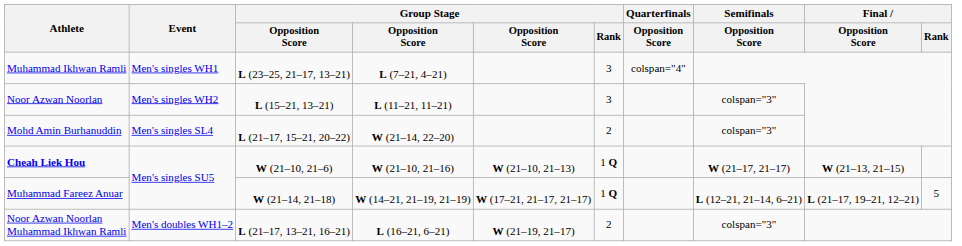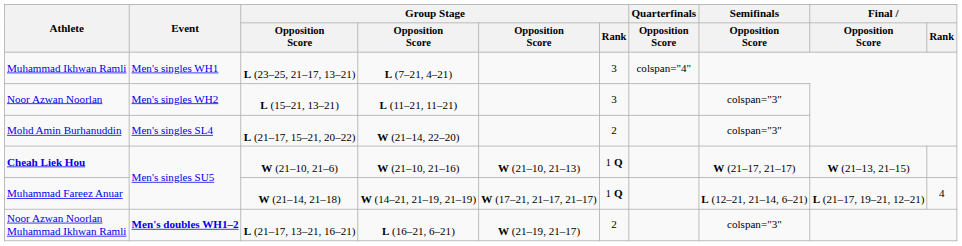 <table class="wikitable" style="font-size:90%; text-align:center">
 <tr>
 <th rowspan="2">Athlete</th>
 <th rowspan="2">Event</th>
 <th colspan="4">Group Stage</th>
 <th>Quarterfinals</th>
 <th>Semifinals</th>
 <th colspan="2">Final / </th>
 </tr>
 <tr style="font-size:95%">
 <th>Opposition<br>Score</th>
 <th>Opposition<br>Score</th>
 <th>Opposition<br>Score</th>
 <th>Rank</th>
 <th>Opposition<br>Score</th>
 <th>Opposition<br>Score</th>
 <th>Opposition<br>Score</th>
 <th>Rank</th>
 </tr>
 <tr>
 <td align="left"><a href='#'>Muhammad Ikhwan Ramli</a></td>
 <td align="left"><a href='#'>Men's singles WH1</a></td>
 <td><br><strong>L</strong> (23–25, 21–17, 13–21)</td>
 <td><br><strong>L</strong> (7–21, 4–21)</td>
 <td></td>
 <td>3</td>
 <td>colspan="4" </td>
 </tr>
 <tr>
 <td align="left"><a href='#'>Noor Azwan Noorlan</a></td>
 <td align="left"><a href='#'>Men's singles WH2</a></td>
 <td><br><strong>L</strong> (15–21, 13–21)</td>
 <td><br><strong>L</strong> (11–21, 11–21)</td>
 <td></td>
 <td>3</td>
 <td></td>
 <td>colspan="3" </td>
 </tr>
 <tr>
 <td align="left"><a href='#'>Mohd Amin Burhanuddin</a></td>
 <td align="left"><a href='#'>Men's singles SL4</a></td>
 <td><br><strong>L</strong> (21–17, 15–21, 20–22)</td>
 <td><br><strong>W</strong> (21–14, 22–20)</td>
 <td></td>
 <td>2</td>
 <td></td>
 <td>colspan="3" </td>
 </tr>
 <tr>
 <td align="left"><strong><a href='#'>Cheah Liek Hou</a></strong></td>
 <td align="left" rowspan="2"><a href='#'>Men's singles SU5</a></td>
 <td><br><strong>W</strong> (21–10, 21–6)</td>
 <td><br><strong>W</strong> (21–10, 21–16)</td>
 <td><br><strong>W</strong> (21–10, 21–13)</td>
 <td>1 <strong>Q</strong></td>
 <td></td>
 <td><br><strong>W</strong> (21–17, 21–17)</td>
 <td><br><strong>W</strong> (21–13, 21–15)</td>
 <td></td>
 </tr>
 <tr>
 <td align="left"><a href='#'>Muhammad Fareez Anuar</a></td>
 <td><br><strong>W</strong> (21–14, 21–18)</td>
 <td><br><strong>W</strong> (14–21, 21–19, 21–19)</td>
 <td><br><strong>W</strong> (17–21, 21–17, 21–17)</td>
 <td>1 <strong>Q</strong></td>
 <td></td>
 <td><br><strong>L</strong> (12–21, 21–14, 6–21)</td>
 <td><br> <strong>L</strong> (21–17, 19–21, 12–21)</td>
-<td>5</td>
+<td>4</td>
 </tr>
 <tr>
 <td align="left"><a href='#'>Noor Azwan Noorlan</a><br><a href='#'>Muhammad Ikhwan Ramli</a></td>
-<td align=left><a href='#'>Men's doubles WH1–2</a></td>
+<td align=left><strong><a href='#'>Men's doubles WH1–2</a></strong></td>
 <td><br><strong>L</strong> (21–17, 13–21, 16–21)</td>
 <td><br><strong>L</strong> (16–21, 6–21)</td>
 <td><br><strong>W</strong> (21–19, 21–17)</td>
 <td>2</td>
 <td></td>
 <td>colspan="3" </td>
 </tr>
 </table>
